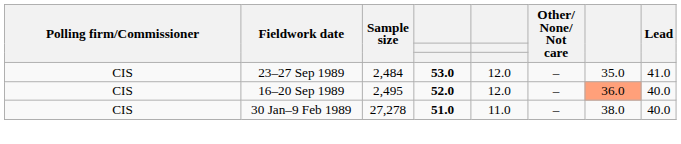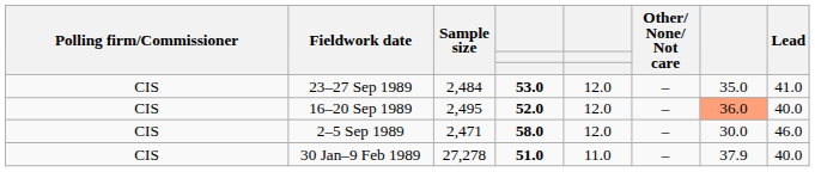 <table class="wikitable collapsible collapsed" style="text-align:center; font-size:90%; line-height:14px;">
 <tr style="height:42px;">
 <th style="width:250px;" rowspan="3">Polling firm/Commissioner</th>
 <th style="width:125px;" rowspan="3">Fieldwork date</th>
 <th style="width:50px;" rowspan="3">Sample size</th>
 <th style="width:55px;"></th>
 <th style="width:55px;"></th>
 <th style="width:55px;" rowspan="3">Other/<br>None/<br>Not<br>care</th>
 <th style="width:55px;" rowspan="3"></th>
 <th style="width:30px;" rowspan="3">Lead</th>
 </tr>
 <tr>
 <th style="color:inherit;background:"></th>
 <th style="color:inherit;background:"></th>
 </tr>
 <tr>
 <th></th>
 <th></th>
 </tr>
 <tr>
 <td>CIS</td>
 <td>23–27 Sep 1989</td>
 <td>2,484</td>
 <td><strong>53.0</strong></td>
 <td>12.0</td>
 <td>–</td>
 <td>35.0</td>
 <td style="background:">41.0</td>
 </tr>
 <tr>
 <td>CIS</td>
 <td>16–20 Sep 1989</td>
 <td>2,495</td>
 <td><strong>52.0</strong></td>
 <td>12.0</td>
 <td>–</td>
 <td style="background: lightsalmon;">36.0</td>
 <td style="background:">40.0</td>
 </tr>
 <tr>
 <td>CIS</td>
+<td>2–5 Sep 1989</td>
+<td>2,471</td>
+<td><strong>58.0</strong></td>
+<td>12.0</td>
+<td>–</td>
+<td>30.0</td>
+<td style="background:">46.0</td>
+</tr>
+<tr>
+<td>CIS</td>
 <td>30 Jan–9 Feb 1989</td>
 <td>27,278</td>
 <td><strong>51.0</strong></td>
 <td>11.0</td>
 <td>–</td>
-<td>38.0</td>
+<td>37.9</td>
 <td style="background:">40.0</td>
 </tr>
 </table>
